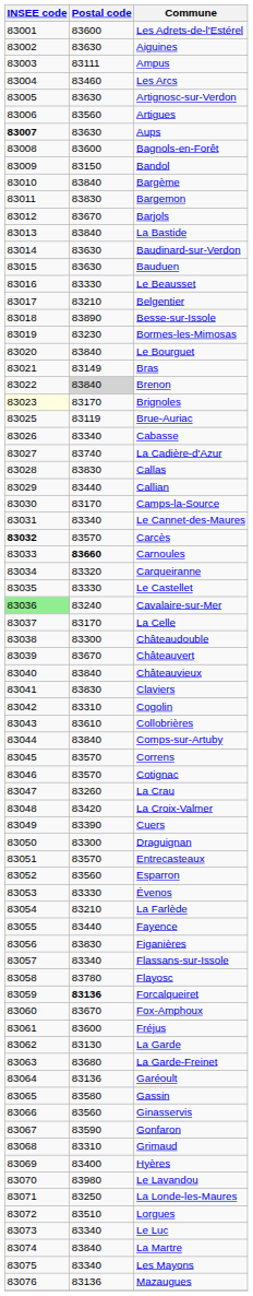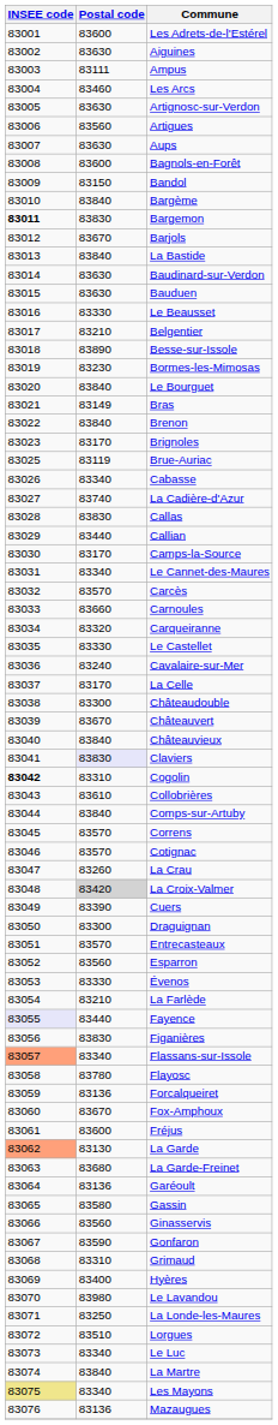 <table class="wikitable sortable">
 <tr>
 <th><a href='#'>INSEE code</a></th>
 <th><a href='#'>Postal code</a></th>
 <th>Commune</th>
 </tr>
 <tr>
 <td>83001</td>
 <td>83600</td>
 <td><a href='#'>Les Adrets-de-l'Estérel</a></td>
 </tr>
 <tr>
 <td>83002</td>
 <td>83630</td>
 <td><a href='#'>Aiguines</a></td>
 </tr>
 <tr>
 <td>83003</td>
 <td>83111</td>
 <td><a href='#'>Ampus</a></td>
 </tr>
 <tr>
 <td>83004</td>
 <td>83460</td>
 <td><a href='#'>Les Arcs</a></td>
 </tr>
 <tr>
 <td>83005</td>
 <td>83630</td>
 <td><a href='#'>Artignosc-sur-Verdon</a></td>
 </tr>
 <tr>
 <td>83006</td>
 <td>83560</td>
 <td><a href='#'>Artigues</a></td>
 </tr>
 <tr>
-<td><strong>83007</strong></td>
+<td>83007</td>
 <td>83630</td>
 <td><a href='#'>Aups</a></td>
 </tr>
 <tr>
 <td>83008</td>
 <td>83600</td>
 <td><a href='#'>Bagnols-en-Forêt</a></td>
 </tr>
 <tr>
 <td>83009</td>
 <td>83150</td>
 <td><a href='#'>Bandol</a></td>
 </tr>
 <tr>
 <td>83010</td>
 <td>83840</td>
 <td><a href='#'>Bargème</a></td>
 </tr>
 <tr>
-<td>83011</td>
+<td><strong>83011</strong></td>
 <td>83830</td>
 <td><a href='#'>Bargemon</a></td>
 </tr>
 <tr>
 <td>83012</td>
 <td>83670</td>
 <td><a href='#'>Barjols</a></td>
 </tr>
 <tr>
 <td>83013</td>
 <td>83840</td>
 <td><a href='#'>La Bastide</a></td>
 </tr>
 <tr>
 <td>83014</td>
 <td>83630</td>
 <td><a href='#'>Baudinard-sur-Verdon</a></td>
 </tr>
 <tr>
 <td>83015</td>
 <td>83630</td>
 <td><a href='#'>Bauduen</a></td>
 </tr>
 <tr>
 <td>83016</td>
 <td>83330</td>
 <td><a href='#'>Le Beausset</a></td>
 </tr>
 <tr>
 <td>83017</td>
 <td>83210</td>
 <td><a href='#'>Belgentier</a></td>
 </tr>
 <tr>
 <td>83018</td>
 <td>83890</td>
 <td><a href='#'>Besse-sur-Issole</a></td>
 </tr>
 <tr>
 <td>83019</td>
 <td>83230</td>
 <td><a href='#'>Bormes-les-Mimosas</a></td>
 </tr>
 <tr>
 <td>83020</td>
 <td>83840</td>
 <td><a href='#'>Le Bourguet</a></td>
 </tr>
 <tr>
 <td>83021</td>
 <td>83149</td>
 <td><a href='#'>Bras</a></td>
 </tr>
 <tr>
 <td>83022</td>
-<td style="background: lightgrey;">83840</td>
+<td>83840</td>
 <td><a href='#'>Brenon</a></td>
 </tr>
 <tr>
-<td style="background: lightyellow;">83023</td>
+<td>83023</td>
 <td>83170</td>
 <td><a href='#'>Brignoles</a></td>
 </tr>
 <tr>
 <td>83025</td>
 <td>83119</td>
 <td><a href='#'>Brue-Auriac</a></td>
 </tr>
 <tr>
 <td>83026</td>
 <td>83340</td>
 <td><a href='#'>Cabasse</a></td>
 </tr>
 <tr>
 <td>83027</td>
 <td>83740</td>
 <td><a href='#'>La Cadière-d'Azur</a></td>
 </tr>
 <tr>
 <td>83028</td>
 <td>83830</td>
 <td><a href='#'>Callas</a></td>
 </tr>
 <tr>
 <td>83029</td>
 <td>83440</td>
 <td><a href='#'>Callian</a></td>
 </tr>
 <tr>
 <td>83030</td>
 <td>83170</td>
 <td><a href='#'>Camps-la-Source</a></td>
 </tr>
 <tr>
 <td>83031</td>
 <td>83340</td>
 <td><a href='#'>Le Cannet-des-Maures</a></td>
 </tr>
 <tr>
-<td><strong>83032</strong></td>
+<td>83032</td>
 <td>83570</td>
 <td><a href='#'>Carcès</a></td>
 </tr>
 <tr>
 <td>83033</td>
-<td><strong>83660</strong></td>
+<td>83660</td>
 <td><a href='#'>Carnoules</a></td>
 </tr>
 <tr>
 <td>83034</td>
 <td>83320</td>
 <td><a href='#'>Carqueiranne</a></td>
 </tr>
 <tr>
 <td>83035</td>
 <td>83330</td>
 <td><a href='#'>Le Castellet</a></td>
 </tr>
 <tr>
-<td style="background: lightgreen;">83036</td>
+<td>83036</td>
 <td>83240</td>
 <td><a href='#'>Cavalaire-sur-Mer</a></td>
 </tr>
 <tr>
 <td>83037</td>
 <td>83170</td>
 <td><a href='#'>La Celle</a></td>
 </tr>
 <tr>
 <td>83038</td>
 <td>83300</td>
 <td><a href='#'>Châteaudouble</a></td>
 </tr>
 <tr>
 <td>83039</td>
 <td>83670</td>
 <td><a href='#'>Châteauvert</a></td>
 </tr>
 <tr>
 <td>83040</td>
 <td>83840</td>
 <td><a href='#'>Châteauvieux</a></td>
 </tr>
 <tr>
 <td>83041</td>
-<td>83830</td>
+<td style="background: lavender;">83830</td>
 <td><a href='#'>Claviers</a></td>
 </tr>
 <tr>
-<td>83042</td>
+<td><strong>83042</strong></td>
 <td>83310</td>
 <td><a href='#'>Cogolin</a></td>
 </tr>
 <tr>
 <td>83043</td>
 <td>83610</td>
 <td><a href='#'>Collobrières</a></td>
 </tr>
 <tr>
 <td>83044</td>
 <td>83840</td>
 <td><a href='#'>Comps-sur-Artuby</a></td>
 </tr>
 <tr>
 <td>83045</td>
 <td>83570</td>
 <td><a href='#'>Correns</a></td>
 </tr>
 <tr>
 <td>83046</td>
 <td>83570</td>
 <td><a href='#'>Cotignac</a></td>
 </tr>
 <tr>
 <td>83047</td>
 <td>83260</td>
 <td><a href='#'>La Crau</a></td>
 </tr>
 <tr>
 <td>83048</td>
-<td>83420</td>
+<td style="background: lightgrey;">83420</td>
 <td><a href='#'>La Croix-Valmer</a></td>
 </tr>
 <tr>
 <td>83049</td>
 <td>83390</td>
 <td><a href='#'>Cuers</a></td>
 </tr>
 <tr>
 <td>83050</td>
 <td>83300</td>
 <td><a href='#'>Draguignan</a></td>
 </tr>
 <tr>
 <td>83051</td>
 <td>83570</td>
 <td><a href='#'>Entrecasteaux</a></td>
 </tr>
 <tr>
 <td>83052</td>
 <td>83560</td>
 <td><a href='#'>Esparron</a></td>
 </tr>
 <tr>
 <td>83053</td>
 <td>83330</td>
 <td><a href='#'>Évenos</a></td>
 </tr>
 <tr>
 <td>83054</td>
 <td>83210</td>
 <td><a href='#'>La Farlède</a></td>
 </tr>
 <tr>
-<td>83055</td>
+<td style="background: lavender;">83055</td>
 <td>83440</td>
 <td><a href='#'>Fayence</a></td>
 </tr>
 <tr>
 <td>83056</td>
 <td>83830</td>
 <td><a href='#'>Figanières</a></td>
 </tr>
 <tr>
-<td>83057</td>
+<td style="background: lightsalmon;">83057</td>
 <td>83340</td>
 <td><a href='#'>Flassans-sur-Issole</a></td>
 </tr>
 <tr>
 <td>83058</td>
 <td>83780</td>
 <td><a href='#'>Flayosc</a></td>
 </tr>
 <tr>
 <td>83059</td>
-<td><strong>83136</strong></td>
+<td>83136</td>
 <td><a href='#'>Forcalqueiret</a></td>
 </tr>
 <tr>
 <td>83060</td>
 <td>83670</td>
 <td><a href='#'>Fox-Amphoux</a></td>
 </tr>
 <tr>
 <td>83061</td>
 <td>83600</td>
 <td><a href='#'>Fréjus</a></td>
 </tr>
 <tr>
-<td>83062</td>
+<td style="background: lightsalmon;">83062</td>
 <td>83130</td>
 <td><a href='#'>La Garde</a></td>
 </tr>
 <tr>
 <td>83063</td>
 <td>83680</td>
 <td><a href='#'>La Garde-Freinet</a></td>
 </tr>
 <tr>
 <td>83064</td>
 <td>83136</td>
 <td><a href='#'>Garéoult</a></td>
 </tr>
 <tr>
 <td>83065</td>
 <td>83580</td>
 <td><a href='#'>Gassin</a></td>
 </tr>
 <tr>
 <td>83066</td>
 <td>83560</td>
 <td><a href='#'>Ginasservis</a></td>
 </tr>
 <tr>
 <td>83067</td>
 <td>83590</td>
 <td><a href='#'>Gonfaron</a></td>
 </tr>
 <tr>
 <td>83068</td>
 <td>83310</td>
 <td><a href='#'>Grimaud</a></td>
 </tr>
 <tr>
 <td>83069</td>
 <td>83400</td>
 <td><a href='#'>Hyères</a></td>
 </tr>
 <tr>
 <td>83070</td>
 <td>83980</td>
 <td><a href='#'>Le Lavandou</a></td>
 </tr>
 <tr>
 <td>83071</td>
 <td>83250</td>
 <td><a href='#'>La Londe-les-Maures</a></td>
 </tr>
 <tr>
 <td>83072</td>
 <td>83510</td>
 <td><a href='#'>Lorgues</a></td>
 </tr>
 <tr>
 <td>83073</td>
 <td>83340</td>
 <td><a href='#'>Le Luc</a></td>
 </tr>
 <tr>
 <td>83074</td>
 <td>83840</td>
 <td><a href='#'>La Martre</a></td>
 </tr>
 <tr>
-<td>83075</td>
+<td style="background: khaki;">83075</td>
 <td>83340</td>
 <td><a href='#'>Les Mayons</a></td>
 </tr>
 <tr>
 <td>83076</td>
 <td>83136</td>
 <td><a href='#'>Mazaugues</a></td>
 </tr>
 <tr>
 </tr>
 </table>
